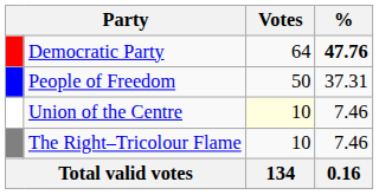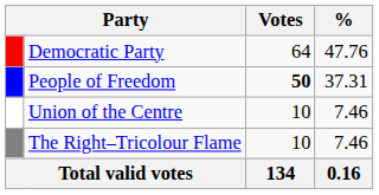 <table class="wikitable">
 <tr>
 <th colspan="2" style="width: 130px">Party</th>
 <th style="width: 50px">Votes</th>
 <th style="width: 40px">%</th>
 </tr>
 <tr>
 <td style="background-color:red">  </td>
 <td style="text-align: left"><a href='#'>Democratic Party</a></td>
 <td style="text-align: right">64</td>
-<td style="text-align: right"><strong>47.76</strong></td>
+<td style="text-align: right">47.76</td>
 </tr>
 <tr>
 <td style="background-color:blue">  </td>
 <td style="text-align: left"><a href='#'>People of Freedom</a></td>
-<td style="text-align: right">50</td>
+<td style="text-align: right"><strong>50</strong></td>
 <td style="text-align: right">37.31</td>
 </tr>
 <tr>
 <td style="background-color:white">  </td>
 <td style="text-align: left"><a href='#'>Union of the Centre</a></td>
-<td align="right" style="background: lightyellow;">10</td>
+<td align="right">10</td>
 <td align="right">7.46</td>
 </tr>
 <tr>
 <td style="background-color:grey">  </td>
 <td style="text-align: left"><a href='#'>The Right–Tricolour Flame</a></td>
 <td align="right">10</td>
 <td align="right">7.46</td>
 </tr>
 <tr bgcolor="white">
 <th align="right" colspan=2>Total valid votes</th>
 <th align="right">134</th>
 <th align="right">0.16</th>
 </tr>
 </table>
